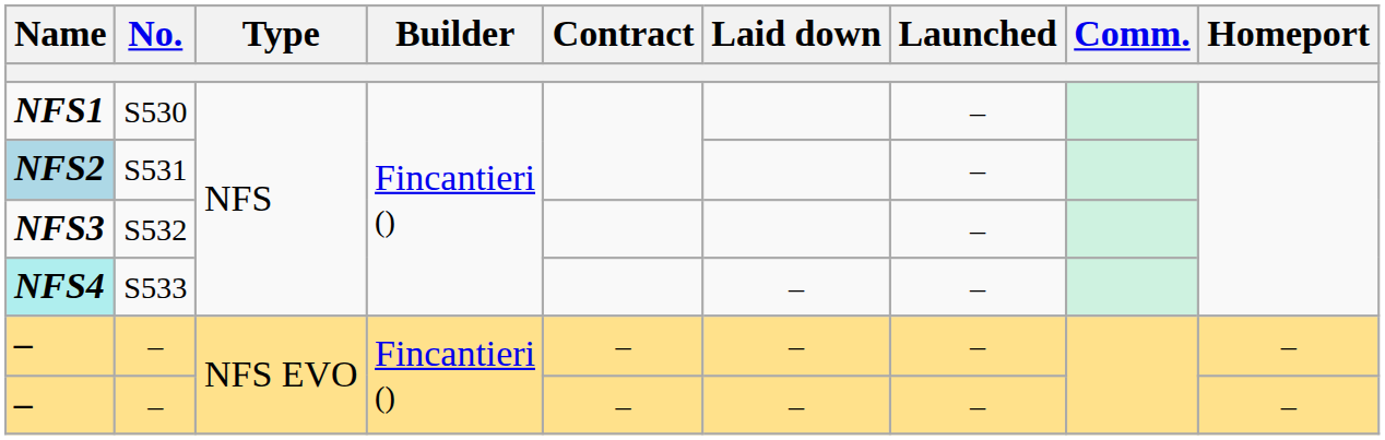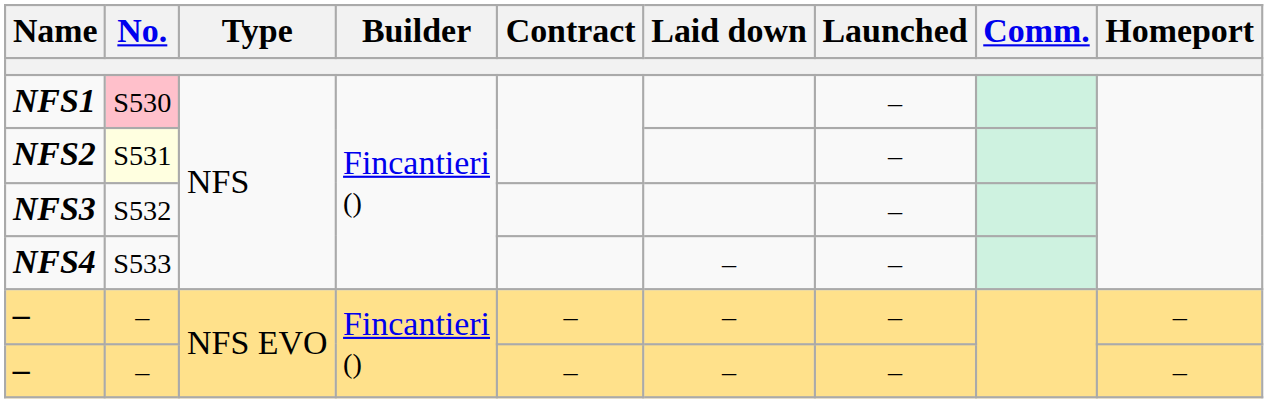 <table class="sortable wikitable" border="1">
 <tr>
 <th>Name</th>
 <th><a href='#'>No.</a></th>
 <th>Type</th>
 <th>Builder</th>
 <th>Contract</th>
 <th>Laid down</th>
 <th>Launched</th>
 <th><a href='#'>Comm.</a></th>
 <th>Homeport</th>
 </tr>
 <tr>
 <th colspan="9"></th>
 </tr>
 <tr>
 <td><strong><em>NFS1</em></strong></td>
-<td><small>S530</small></td>
+<td style="background: pink;"><small>S530</small></td>
 <td rowspan="4">NFS</td>
 <td rowspan="4"><a href='#'>Fincantieri</a><br><small>()</small></td>
 <td rowspan="2"><small> </small></td>
 <td><small> </small></td>
 <td style="text-align: center"><small>–</small></td>
 <td style="background: #CEF2E0"><small></small></td>
 <td rowspan="4"><small></small></td>
 </tr>
 <tr>
-<td style="background: lightblue;"><strong><em>NFS2</em></strong></td>
-<td><small>S531</small></td>
+<td><strong><em>NFS2</em></strong></td>
+<td style="background: lightyellow;"><small>S531</small></td>
 <td><small> </small></td>
 <td style="text-align: center"><small>–</small></td>
 <td style="background: #CEF2E0"><small></small></td>
 </tr>
 <tr>
 <td><strong><em>NFS3</em></strong></td>
 <td><small>S532</small></td>
 <td><small> </small></td>
 <td><small> </small></td>
 <td style="text-align: center"><small>–</small></td>
 <td style="background: #CEF2E0"><small></small></td>
 </tr>
 <tr>
-<td style="background: paleturquoise;"><strong><em>NFS4</em></strong></td>
+<td><strong><em>NFS4</em></strong></td>
 <td><small>S533</small></td>
 <td><small> </small></td>
 <td style="text-align: center"><small>–</small></td>
 <td style="text-align: center"><small>–</small></td>
 <td style="background: #CEF2E0"><small></small></td>
 </tr>
 <tr>
 <td style="background: #FFE18B"><strong><em>–</em></strong></td>
 <td style="background: #FFE18B;text-align: center"><small>–</small></td>
 <td rowspan="2" style="background: #FFE18B;">NFS EVO</td>
 <td rowspan="2" style="background: #FFE18B;"><a href='#'>Fincantieri</a><br><small>()</small></td>
 <td style="background: #FFE18B;text-align: center"><small>–</small></td>
 <td style="background: #FFE18B;text-align: center"><small>–</small></td>
 <td style="background: #FFE18B;text-align: center"><small>–</small></td>
 <td rowspan="2" style="background: #FFE18B"><small></small> </td>
 <td style="background: #FFE18B;text-align: center"><small>–</small></td>
 </tr>
 <tr>
 <td style="background: #FFE18B"><strong><em>–</em></strong></td>
 <td style="background: #FFE18B;text-align: center"><small>–</small></td>
 <td style="background: #FFE18B;text-align: center"><small>–</small></td>
 <td style="background: #FFE18B;text-align: center"><small>–</small></td>
 <td style="background: #FFE18B;text-align: center"><small>–</small></td>
 <td style="background: #FFE18B;text-align: center"><small>–</small></td>
 </tr>
 </table>
